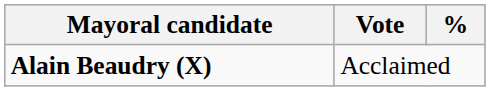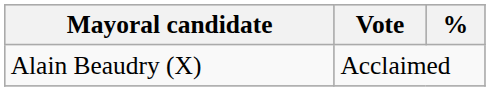 <table class="wikitable">
 <tr>
 <th bgcolor="#DDDDFF" width="200px">Mayoral candidate</th>
 <th bgcolor="#DDDDFF" width="50px">Vote</th>
 <th bgcolor="#DDDDFF"  width="30px">%</th>
 </tr>
 <tr>
-<td><strong>Alain Beaudry (X)</strong></td>
+<td>Alain Beaudry (X)</td>
 <td colspan="2">Acclaimed</td>
 </tr>
 </table>
